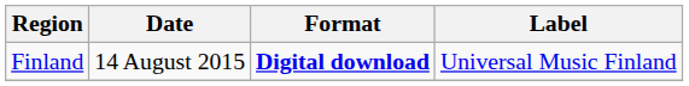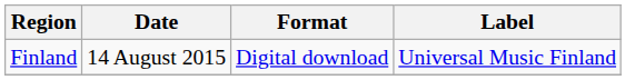 <table class=wikitable>
 <tr>
 <th>Region</th>
 <th>Date</th>
 <th>Format</th>
 <th>Label</th>
 </tr>
 <tr>
 <td><a href='#'>Finland</a></td>
 <td>14 August 2015</td>
-<td><strong><a href='#'>Digital download</a></strong></td>
+<td><a href='#'>Digital download</a></td>
 <td><a href='#'>Universal Music Finland</a></td>
 </tr>
 <tr>
 </tr>
 </table>
